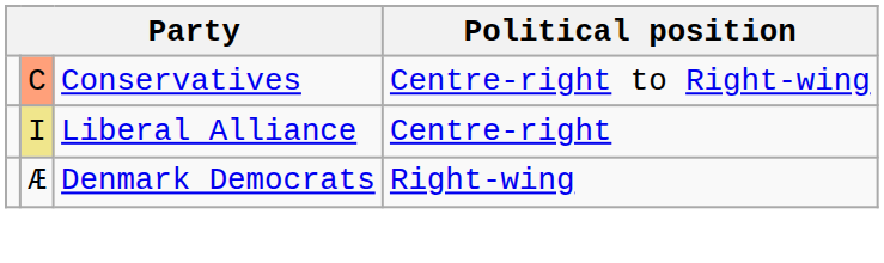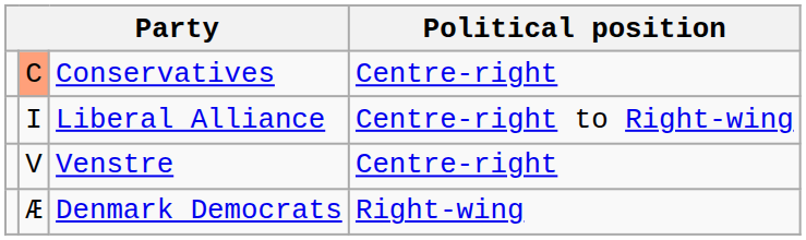 <table class="wikitable">
 <tr>
 <th colspan="3">Party</th>
 <th>Political position</th>
 </tr>
 <tr>
 <td></td>
 <td style="background: lightsalmon;">C</td>
 <td><a href='#'>Conservatives</a></td>
+<td><a href='#'>Centre-right</a></td>
+</tr>
+<tr>
+<td></td>
+<td>I</td>
+<td><a href='#'>Liberal Alliance</a></td>
 <td><a href='#'>Centre-right</a> to <a href='#'>Right-wing</a></td>
 </tr>
 <tr>
 <td></td>
-<td style="background: khaki;">I</td>
-<td><a href='#'>Liberal Alliance</a></td>
+<td>V</td>
+<td><a href='#'>Venstre</a></td>
 <td><a href='#'>Centre-right</a></td>
 </tr>
 <tr>
 <td></td>
 <td>Æ</td>
 <td><a href='#'>Denmark Democrats</a></td>
 <td><a href='#'>Right-wing</a></td>
 </tr>
 </table>
